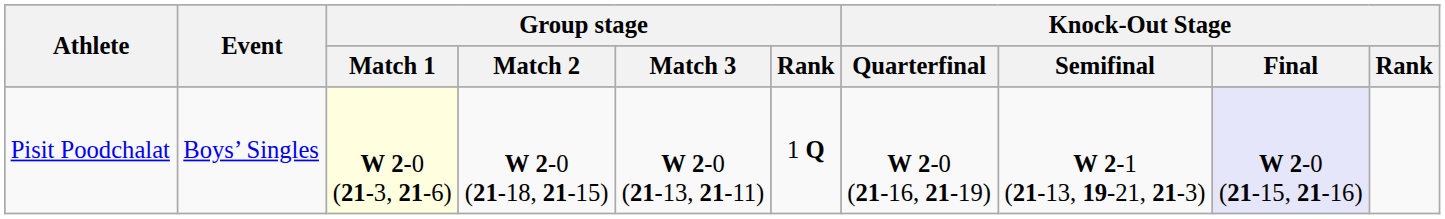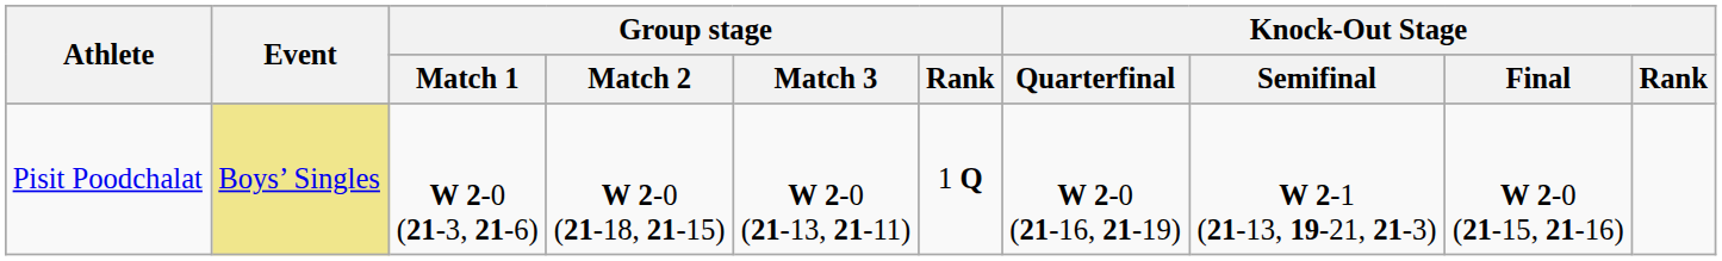 <table class="wikitable" width="95%" style="text-align:left; font-size:90%">
 <tr>
 <th rowspan=2>Athlete</th>
 <th rowspan=2>Event</th>
 <th colspan=4>Group stage</th>
 <th colspan=4>Knock-Out Stage</th>
 </tr>
 <tr>
 <th>Match 1</th>
 <th>Match 2</th>
 <th>Match 3</th>
 <th>Rank</th>
 <th>Quarterfinal</th>
 <th>Semifinal</th>
 <th>Final</th>
 <th>Rank</th>
 </tr>
 <tr>
 <td><a href='#'>Pisit Poodchalat</a></td>
-<td><a href='#'>Boys’ Singles</a></td>
-<td align=center style="background: lightyellow;"> <br><br><strong>W</strong> <strong>2</strong>-0 <br> (<strong>21</strong>-3, <strong>21</strong>-6)</td>
+<td style="background: khaki;"><a href='#'>Boys’ Singles</a></td>
+<td align=center> <br><br><strong>W</strong> <strong>2</strong>-0 <br> (<strong>21</strong>-3, <strong>21</strong>-6)</td>
 <td align=center> <br><br><strong>W</strong> <strong>2</strong>-0 <br> (<strong>21</strong>-18, <strong>21</strong>-15)</td>
 <td align=center> <br><br><strong>W</strong> <strong>2</strong>-0 <br> (<strong>21</strong>-13, <strong>21</strong>-11)</td>
 <td align=center>1 <strong>Q</strong></td>
 <td align=center> <br><br><strong>W</strong> <strong>2</strong>-0 <br> (<strong>21</strong>-16, <strong>21</strong>-19)</td>
 <td align=center> <br><br><strong>W</strong> <strong>2</strong>-1 <br> (<strong>21</strong>-13, <strong>19</strong>-21, <strong>21</strong>-3)</td>
-<td align=center style="background: lavender;"> <br><br><strong>W</strong> <strong>2</strong>-0 <br> (<strong>21</strong>-15, <strong>21</strong>-16)</td>
+<td align=center> <br><br><strong>W</strong> <strong>2</strong>-0 <br> (<strong>21</strong>-15, <strong>21</strong>-16)</td>
 <td align=center></td>
 </tr>
 </table>
